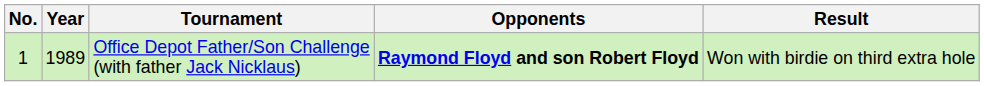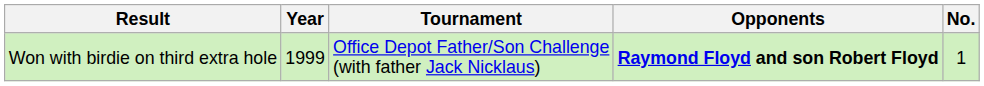 <table class="wikitable" style="font-size:95%;">
 <tr>
-<th>No.</th>
+<th>Result</th>
 <th>Year</th>
 <th>Tournament</th>
 <th>Opponents</th>
-<th>Result</th>
+<th>No.</th>
 </tr>
 <tr style="background:#D0F0C0;">
-<td align=center>1</td>
-<td>1989</td>
+<td>Won with birdie on third extra hole</td>
+<td>1999</td>
 <td><a href='#'>Office Depot Father/Son Challenge</a><br>(with father <a href='#'>Jack Nicklaus</a>)</td>
 <td><strong> <a href='#'>Raymond Floyd</a> and son Robert Floyd</strong></td>
-<td>Won with birdie on third extra hole</td>
+<td align=center>1</td>
 </tr>
 </table>
